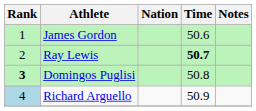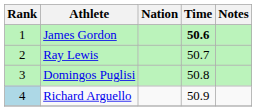 <table class="wikitable sortable" style="text-align:center">
 <tr>
 <th>Rank</th>
 <th>Athlete</th>
 <th>Nation</th>
 <th>Time</th>
 <th>Notes</th>
 </tr>
 <tr bgcolor=bbf3bb>
 <td>1</td>
 <td align=left><a href='#'>James Gordon</a></td>
 <td align=left></td>
-<td>50.6</td>
+<td><strong>50.6</strong></td>
 <td></td>
 </tr>
 <tr bgcolor=bbf3bb>
 <td>2</td>
 <td align=left><a href='#'>Ray Lewis</a></td>
 <td align=left></td>
-<td><strong>50.7</strong></td>
+<td>50.7</td>
 <td></td>
 </tr>
 <tr bgcolor=bbf3bb>
-<td><strong>3</strong></td>
+<td>3</td>
 <td align=left><a href='#'>Domingos Puglisi</a></td>
 <td align=left></td>
 <td>50.8</td>
 <td></td>
 </tr>
 <tr>
 <td style="background: lightblue;">4</td>
 <td align=left><a href='#'>Richard Arguello</a></td>
 <td align=left></td>
 <td>50.9</td>
 <td></td>
 </tr>
 <tr>
 </tr>
 </table>
